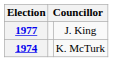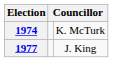 <table class="wikitable" style="text-align:center">
 <tr>
 <th>Election</th>
 <th colspan=2>Councillor</th>
 </tr>
 <tr>
+<th><a href='#'>1974</a></th>
+<td style="background-color: "></td>
+<td>K. McTurk</td>
+</tr>
+<tr>
 <th><a href='#'>1977</a></th>
 <td style="background-color: "></td>
 <td>J. King</td>
 </tr>
-<tr>
-<th><a href='#'>1974</a></th>
-<td style="background-color: "></td>
-<td>K. McTurk</td>
-</tr>
 </table>
